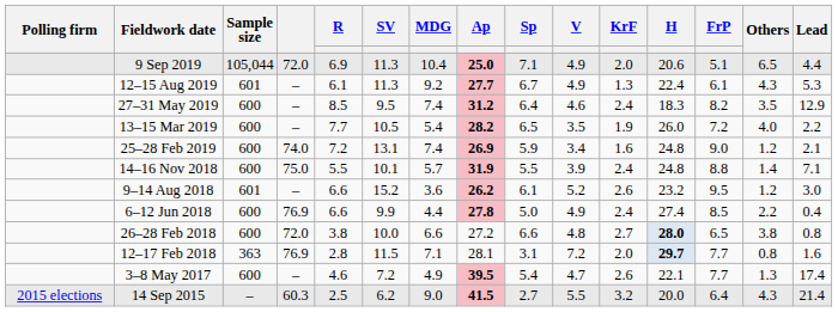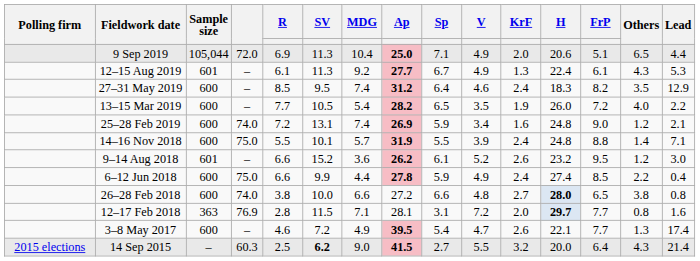 <table class="wikitable sortable" style="text-align:center;font-size:90%;line-height:14px;">
 <tr style="height:40px;">
 <th style="width:100px;" rowspan="2">Polling firm</th>
 <th style="width:100px;" rowspan="2">Fieldwork date</th>
 <th style="width:35px;" rowspan="2">Sample<br>size</th>
 <th style="width:30px;" rowspan="2"></th>
 <th class="unsortable" style="width:40px;"><a href='#'>R</a></th>
 <th class="unsortable" style="width:40px;"><a href='#'>SV</a></th>
 <th class="unsortable" style="width:40px;"><a href='#'>MDG</a></th>
 <th class="unsortable" style="width:40px;"><a href='#'>Ap</a></th>
 <th class="unsortable" style="width:40px;"><a href='#'>Sp</a></th>
 <th class="unsortable" style="width:40px;"><a href='#'>V</a></th>
 <th class="unsortable" style="width:40px;"><a href='#'>KrF</a></th>
 <th class="unsortable" style="width:40px;"><a href='#'>H</a></th>
 <th class="unsortable" style="width:40px;"><a href='#'>FrP</a></th>
 <th class="unsortable" style="width:30px;" rowspan="2">Others</th>
 <th style="width:30px;" rowspan="2">Lead</th>
 </tr>
 <tr>
 <th style="background:"></th>
 <th style="background:"></th>
 <th style="background:"></th>
 <th style="background:"></th>
 <th style="background:"></th>
 <th style="background:"></th>
 <th style="background:"></th>
 <th style="background:"></th>
 <th style="background:"></th>
 </tr>
 <tr style="background:#E9E9E9;">
 <td></td>
 <td data-sort-value="2019-09-09">9 Sep 2019</td>
 <td>105,044</td>
 <td>72.0</td>
 <td>6.9</td>
 <td>11.3</td>
 <td>10.4</td>
 <td style="background:#F7BDC5;"><strong>25.0</strong></td>
 <td>7.1</td>
 <td>4.9</td>
 <td>2.0</td>
 <td>20.6</td>
 <td>5.1</td>
 <td>6.5</td>
 <td style="background:">4.4</td>
 </tr>
 <tr>
 <td></td>
 <td data-sort-value="2019-08-18">12–15 Aug 2019</td>
 <td>601</td>
 <td>–</td>
 <td>6.1</td>
 <td>11.3</td>
 <td>9.2</td>
 <td style="background:#F7BDC5;"><strong>27.7</strong></td>
 <td>6.7</td>
 <td>4.9</td>
 <td>1.3</td>
 <td>22.4</td>
 <td>6.1</td>
 <td>4.3</td>
 <td style="background:">5.3</td>
 </tr>
 <tr>
 <td></td>
 <td data-sort-value="2019-05-31">27–31 May 2019</td>
 <td>600</td>
 <td>–</td>
 <td>8.5</td>
 <td>9.5</td>
 <td>7.4</td>
 <td style="background:#F7BDC5;"><strong>31.2</strong></td>
 <td>6.4</td>
 <td>4.6</td>
 <td>2.4</td>
 <td>18.3</td>
 <td>8.2</td>
 <td>3.5</td>
 <td style="background:">12.9</td>
 </tr>
 <tr>
 <td></td>
 <td data-sort-value="2019-03-15">13–15 Mar 2019</td>
 <td>600</td>
 <td>–</td>
 <td>7.7</td>
 <td>10.5</td>
 <td>5.4</td>
 <td style="background:#F7BDC5;"><strong>28.2</strong></td>
 <td>6.5</td>
 <td>3.5</td>
 <td>1.9</td>
 <td>26.0</td>
 <td>7.2</td>
 <td>4.0</td>
 <td style="background:">2.2</td>
 </tr>
 <tr>
 <td></td>
 <td data-sort-value="2019-02-28">25–28 Feb 2019</td>
 <td>600</td>
 <td>74.0</td>
 <td>7.2</td>
 <td>13.1</td>
 <td>7.4</td>
 <td style="background:#F7BDC5;"><strong>26.9</strong></td>
 <td>5.9</td>
 <td>3.4</td>
 <td>1.6</td>
 <td>24.8</td>
 <td>9.0</td>
 <td>1.2</td>
 <td style="background:">2.1</td>
 </tr>
 <tr>
 <td></td>
 <td data-sort-value="2018-11-16">14–16 Nov 2018</td>
 <td>600</td>
 <td>75.0</td>
 <td>5.5</td>
 <td>10.1</td>
 <td>5.7</td>
 <td style="background:#F7BDC5;"><strong>31.9</strong></td>
 <td>5.5</td>
 <td>3.9</td>
 <td>2.4</td>
 <td>24.8</td>
 <td>8.8</td>
 <td>1.4</td>
 <td style="background:">7.1</td>
 </tr>
 <tr>
 <td></td>
 <td data-sort-value="2018-08-14">9–14 Aug 2018</td>
 <td>601</td>
 <td>–</td>
 <td>6.6</td>
 <td>15.2</td>
 <td>3.6</td>
 <td style="background:#F7BDC5;"><strong>26.2</strong></td>
 <td>6.1</td>
 <td>5.2</td>
 <td>2.6</td>
 <td>23.2</td>
 <td>9.5</td>
 <td>1.2</td>
 <td style="background:">3.0</td>
 </tr>
 <tr>
 <td></td>
 <td data-sort-value="2018-06-12">6–12 Jun 2018</td>
 <td>600</td>
-<td>76.9</td>
+<td>75.0</td>
 <td>6.6</td>
 <td>9.9</td>
 <td>4.4</td>
 <td style="background:#F7BDC5;"><strong>27.8</strong></td>
-<td>5.0</td>
+<td>5.9</td>
 <td>4.9</td>
 <td>2.4</td>
 <td>27.4</td>
 <td>8.5</td>
 <td>2.2</td>
 <td style="background:">0.4</td>
 </tr>
 <tr>
 <td></td>
 <td data-sort-value="2018-02-28">26–28 Feb 2018</td>
 <td>600</td>
-<td>72.0</td>
+<td>74.0</td>
 <td>3.8</td>
 <td>10.0</td>
 <td>6.6</td>
 <td>27.2</td>
 <td>6.6</td>
 <td>4.8</td>
 <td>2.7</td>
 <td style="background:#DCE7F3;"><strong>28.0</strong></td>
 <td>6.5</td>
 <td>3.8</td>
 <td style="background:">0.8</td>
 </tr>
 <tr>
 <td></td>
 <td data-sort-value="2018-02-17">12–17 Feb 2018</td>
 <td>363</td>
 <td>76.9</td>
 <td>2.8</td>
 <td>11.5</td>
 <td>7.1</td>
 <td>28.1</td>
 <td>3.1</td>
 <td>7.2</td>
 <td>2.0</td>
 <td style="background:#DCE7F3;"><strong>29.7</strong></td>
 <td>7.7</td>
 <td>0.8</td>
 <td style="background:">1.6</td>
 </tr>
 <tr>
 <td></td>
 <td data-sort-value="2017-05-08">3–8 May 2017</td>
 <td>600</td>
 <td>–</td>
 <td>4.6</td>
 <td>7.2</td>
 <td>4.9</td>
 <td style="background:#F7BDC5;"><strong>39.5</strong></td>
 <td>5.4</td>
 <td>4.7</td>
 <td>2.6</td>
 <td>22.1</td>
 <td>7.7</td>
 <td>1.3</td>
 <td style="background:">17.4</td>
 </tr>
 <tr style="background:#E9E9E9;">
 <td><a href='#'>2015 elections</a></td>
 <td data-sort-value="2015-09-14">14 Sep 2015</td>
 <td>–</td>
 <td>60.3</td>
 <td>2.5</td>
-<td>6.2</td>
+<td><strong>6.2</strong></td>
 <td>9.0</td>
 <td style="background:#F7BDC5;"><strong>41.5</strong></td>
 <td>2.7</td>
 <td>5.5</td>
 <td>3.2</td>
 <td>20.0</td>
 <td>6.4</td>
 <td>4.3</td>
 <td style="background:">21.4</td>
 </tr>
 </table>
